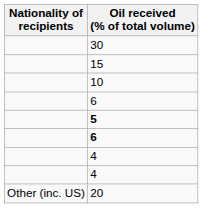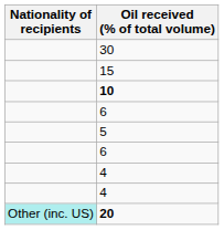 <table class="wikitable sortable">
 <tr>
 <th>Nationality of<br>recipients</th>
 <th>Oil received<br>(% of total volume)</th>
 </tr>
 <tr>
 <td></td>
 <td>30</td>
 </tr>
 <tr>
 <td></td>
 <td>15</td>
 </tr>
 <tr>
 <td></td>
-<td>10</td>
+<td><strong>10</strong></td>
 </tr>
 <tr>
 <td></td>
 <td>6</td>
 </tr>
 <tr>
 <td></td>
-<td><strong>5</strong></td>
+<td>5</td>
 </tr>
 <tr>
 <td></td>
-<td><strong>6</strong></td>
+<td>6</td>
 </tr>
 <tr>
 <td></td>
 <td>4</td>
 </tr>
 <tr>
 <td></td>
 <td>4</td>
 </tr>
 <tr>
-<td>Other (inc. US)</td>
-<td>20</td>
+<td style="background: paleturquoise;">Other (inc. US)</td>
+<td><strong>20</strong></td>
 </tr>
 </table>
